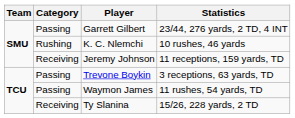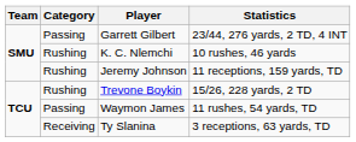 <table class="wikitable" style="float: left;">
 <tr>
 <th>Team</th>
 <th>Category</th>
 <th>Player</th>
 <th>Statistics</th>
 </tr>
 <tr>
 <td rowspan=3><strong>SMU</strong></td>
 <td>Passing</td>
 <td>Garrett Gilbert</td>
 <td>23/44, 276 yards, 2 TD, 4 INT</td>
 </tr>
 <tr>
 <td>Rushing</td>
 <td>K. C. Nlemchi</td>
 <td>10 rushes, 46 yards</td>
 </tr>
 <tr>
-<td>Receiving</td>
+<td>Rushing</td>
 <td>Jeremy Johnson</td>
 <td>11 receptions, 159 yards, TD</td>
 </tr>
 <tr>
 <td rowspan=3><strong>TCU</strong></td>
-<td>Passing</td>
+<td>Rushing</td>
 <td><a href='#'>Trevone Boykin</a></td>
-<td>3 receptions, 63 yards, TD</td>
+<td>15/26, 228 yards, 2 TD</td>
 </tr>
 <tr>
 <td>Passing</td>
 <td>Waymon James</td>
 <td>11 rushes, 54 yards, TD</td>
 </tr>
 <tr>
 <td>Receiving</td>
 <td>Ty Slanina</td>
-<td>15/26, 228 yards, 2 TD</td>
+<td>3 receptions, 63 yards, TD</td>
 </tr>
 </table>
